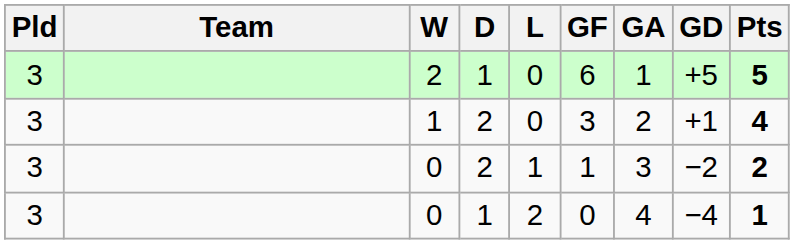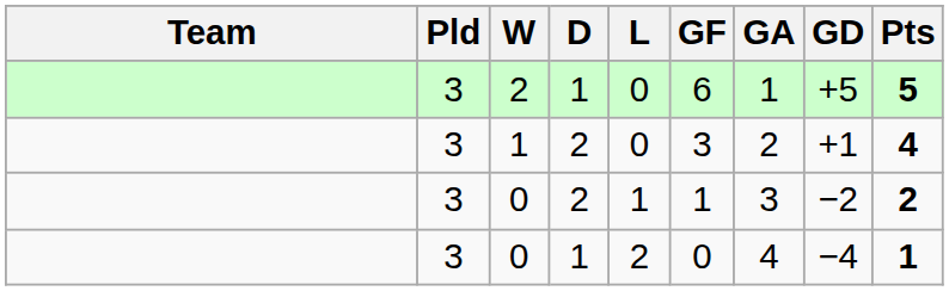 <table class="wikitable" style="text-align:center;">
 <tr>
+<th width=180>Team</th>
 <th width=20>Pld</th>
-<th width=180>Team</th>
 <th width=20>W</th>
 <th width=20>D</th>
 <th width=20>L</th>
 <th width=20>GF</th>
 <th width=20>GA</th>
 <th width=20>GD</th>
 <th width=20>Pts</th>
 </tr>
 <tr bgcolor="ccffcc">
+<td align="left"></td>
 <td>3</td>
-<td align="left"></td>
 <td>2</td>
 <td>1</td>
 <td>0</td>
 <td>6</td>
 <td>1</td>
 <td>+5</td>
 <td><strong>5</strong></td>
 </tr>
 <tr>
+<td align="left"></td>
 <td>3</td>
-<td align="left"></td>
 <td>1</td>
 <td>2</td>
 <td>0</td>
 <td>3</td>
 <td>2</td>
 <td>+1</td>
 <td><strong>4</strong></td>
 </tr>
 <tr>
+<td align="left"></td>
 <td>3</td>
-<td align="left"></td>
 <td>0</td>
 <td>2</td>
 <td>1</td>
 <td>1</td>
 <td>3</td>
 <td>−2</td>
 <td><strong>2</strong></td>
 </tr>
 <tr>
+<td align="left"></td>
 <td>3</td>
-<td align="left"></td>
 <td>0</td>
 <td>1</td>
 <td>2</td>
 <td>0</td>
 <td>4</td>
 <td>−4</td>
 <td><strong>1</strong></td>
 </tr>
 </table>
